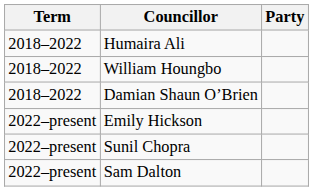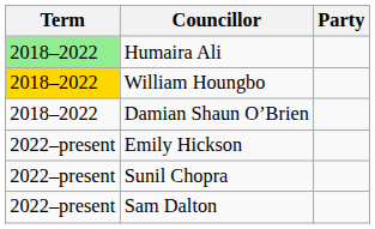 <table class="wikitable">
 <tr>
 <th>Term</th>
 <th>Councillor</th>
 <th colspan=2>Party</th>
 </tr>
 <tr>
-<td>2018–2022</td>
+<td style="background: lightgreen;">2018–2022</td>
 <td>Humaira Ali</td>
 <td></td>
 </tr>
 <tr>
-<td>2018–2022</td>
+<td style="background: gold;">2018–2022</td>
 <td>William Houngbo</td>
 <td></td>
 </tr>
 <tr>
 <td>2018–2022</td>
 <td>Damian Shaun O’Brien</td>
 <td></td>
 </tr>
 <tr>
 <td>2022–present</td>
 <td>Emily Hickson</td>
 <td></td>
 </tr>
 <tr>
 <td>2022–present</td>
 <td>Sunil Chopra</td>
 <td></td>
 </tr>
 <tr>
 <td>2022–present</td>
 <td>Sam Dalton</td>
 <td></td>
 </tr>
 </table>
